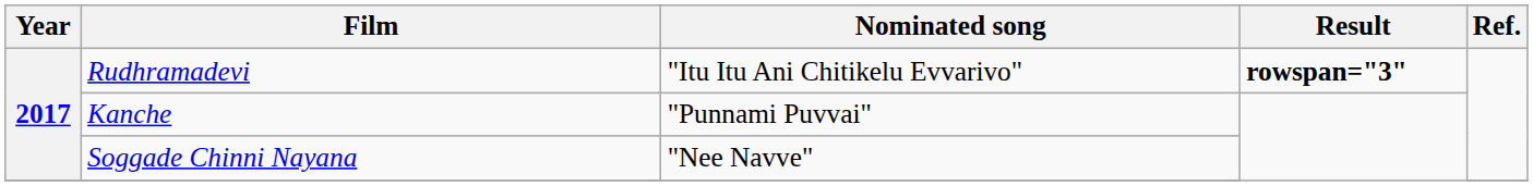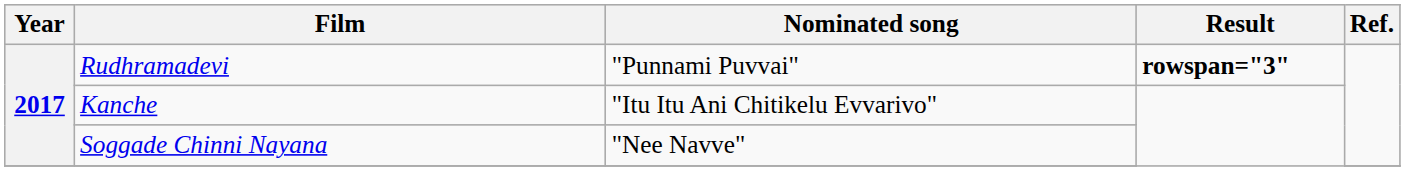 <table class="wikitable plainrowheaders" width="100%" textcolor:#000;">
 <tr>
 <th scope="col" width=5%><strong>Year</strong></th>
 <th scope="col" width=39%><strong>Film</strong></th>
 <th scope="col" width=39%><strong>Nominated song</strong></th>
 <th scope="col" width=15%><strong>Result</strong></th>
 <th scope="col" width=2%><strong>Ref.</strong></th>
 </tr>
 <tr>
 <th scope="row" rowspan="3"><a href='#'>2017</a></th>
 <td><em><a href='#'>Rudhramadevi</a></em></td>
-<td>"Itu Itu Ani Chitikelu Evvarivo"</td>
+<td>"Punnami Puvvai"</td>
 <td><strong>rowspan="3" </strong></td>
 <td rowspan="3"></td>
 </tr>
 <tr>
 <td><em><a href='#'>Kanche</a></em></td>
-<td>"Punnami Puvvai"</td>
+<td>"Itu Itu Ani Chitikelu Evvarivo"</td>
 </tr>
 <tr>
 <td><em><a href='#'>Soggade Chinni Nayana</a></em></td>
 <td>"Nee Navve"</td>
 </tr>
 <tr>
 </tr>
 </table>
